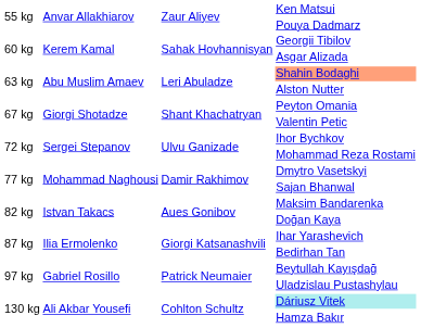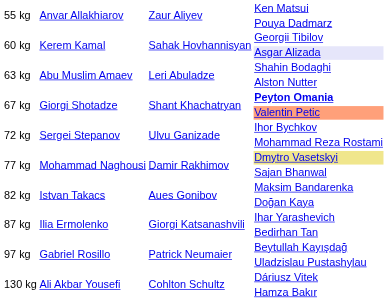 <table>
 <tr>
 <td rowspan=2>55 kg</td>
 <td rowspan=2> <a href='#'>Anvar Allakhiarov</a></td>
 <td rowspan=2> <a href='#'>Zaur Aliyev</a></td>
 <td> <a href='#'>Ken Matsui</a></td>
 </tr>
 <tr>
 <td> <a href='#'>Pouya Dadmarz</a></td>
 </tr>
 <tr>
 <td rowspan=2>60 kg</td>
 <td rowspan=2> <a href='#'>Kerem Kamal</a></td>
 <td rowspan=2> <a href='#'>Sahak Hovhannisyan</a></td>
 <td> <a href='#'>Georgii Tibilov</a></td>
 </tr>
 <tr>
-<td> <a href='#'>Asgar Alizada</a></td>
+<td style="background: lavender;"> <a href='#'>Asgar Alizada</a></td>
 </tr>
 <tr>
 <td rowspan=2>63 kg</td>
 <td rowspan=2> <a href='#'>Abu Muslim Amaev</a></td>
 <td rowspan=2> <a href='#'>Leri Abuladze</a></td>
-<td style="background: lightsalmon;"> <a href='#'>Shahin Bodaghi</a></td>
+<td> <a href='#'>Shahin Bodaghi</a></td>
 </tr>
 <tr>
 <td> <a href='#'>Alston Nutter</a></td>
 </tr>
 <tr>
 <td rowspan=2>67 kg</td>
 <td rowspan=2> <a href='#'>Giorgi Shotadze</a></td>
 <td rowspan=2> <a href='#'>Shant Khachatryan</a></td>
-<td> <a href='#'>Peyton Omania</a></td>
+<td><strong> <a href='#'>Peyton Omania</a></strong></td>
 </tr>
 <tr>
-<td> <a href='#'>Valentin Petic</a></td>
+<td style="background: lightsalmon;"> <a href='#'>Valentin Petic</a></td>
 </tr>
 <tr>
 <td rowspan=2>72 kg</td>
 <td rowspan=2> <a href='#'>Sergei Stepanov</a></td>
 <td rowspan=2> <a href='#'>Ulvu Ganizade</a></td>
 <td> <a href='#'>Ihor Bychkov</a></td>
 </tr>
 <tr>
 <td> <a href='#'>Mohammad Reza Rostami</a></td>
 </tr>
 <tr>
 <td rowspan=2>77 kg</td>
 <td rowspan=2> <a href='#'>Mohammad Naghousi</a></td>
 <td rowspan=2> <a href='#'>Damir Rakhimov</a></td>
-<td> <a href='#'>Dmytro Vasetskyi</a></td>
+<td style="background: khaki;"> <a href='#'>Dmytro Vasetskyi</a></td>
 </tr>
 <tr>
 <td> <a href='#'>Sajan Bhanwal</a></td>
 </tr>
 <tr>
 <td rowspan=2>82 kg</td>
 <td rowspan=2> <a href='#'>Istvan Takacs</a></td>
 <td rowspan=2> <a href='#'>Aues Gonibov</a></td>
 <td> <a href='#'>Maksim Bandarenka</a></td>
 </tr>
 <tr>
 <td> <a href='#'>Doğan Kaya</a></td>
 </tr>
 <tr>
 <td rowspan=2>87 kg</td>
 <td rowspan=2> <a href='#'>Ilia Ermolenko</a></td>
 <td rowspan=2> <a href='#'>Giorgi Katsanashvili</a></td>
 <td> <a href='#'>Ihar Yarashevich</a></td>
 </tr>
 <tr>
 <td> <a href='#'>Bedirhan Tan</a></td>
 </tr>
 <tr>
 <td rowspan=2>97 kg</td>
 <td rowspan=2> <a href='#'>Gabriel Rosillo</a></td>
 <td rowspan=2> <a href='#'>Patrick Neumaier</a></td>
 <td> <a href='#'>Beytullah Kayışdağ</a></td>
 </tr>
 <tr>
 <td> <a href='#'>Uladzislau Pustashylau</a></td>
 </tr>
 <tr>
 <td rowspan=2>130 kg</td>
 <td rowspan=2> <a href='#'>Ali Akbar Yousefi</a></td>
 <td rowspan=2> <a href='#'>Cohlton Schultz</a></td>
-<td style="background: paleturquoise;"> <a href='#'>Dáriusz Vitek</a></td>
+<td> <a href='#'>Dáriusz Vitek</a></td>
 </tr>
 <tr>
 <td> <a href='#'>Hamza Bakır</a></td>
 </tr>
 </table>
